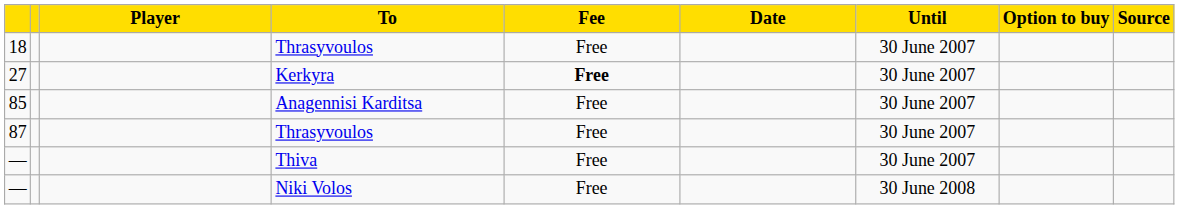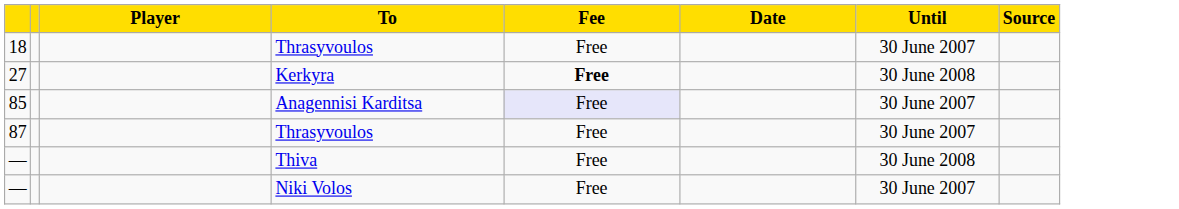 <table class="wikitable sortable">
 <tr>
 <th style="background:#FFDE00"></th>
 <th style="background:#FFDE00"></th>
 <th width=200 style="background:#FFDE00">Player</th>
 <th width=200 style="background:#FFDE00">To</th>
 <th width=150 style="background:#FFDE00">Fee</th>
 <th width=150 style="background:#FFDE00">Date</th>
 <th width=120 style="background:#FFDE00">Until</th>
-<th style="background:#FFDE00">Option to buy</th>
 <th style="background:#FFDE00">Source</th>
 </tr>
 <tr>
 <td align=center>18</td>
 <td align=center></td>
 <td></td>
 <td> <a href='#'>Thrasyvoulos</a></td>
 <td align=center>Free</td>
 <td align=center></td>
 <td align=center>30 June 2007</td>
 <td align=center></td>
-<td align=center></td>
 </tr>
 <tr>
 <td align=center>27</td>
 <td align=center></td>
 <td></td>
 <td> <a href='#'>Kerkyra</a></td>
 <td align=center><strong>Free</strong></td>
 <td align=center></td>
-<td align=center>30 June 2007</td>
-<td align=center></td>
+<td align=center>30 June 2008</td>
 <td align=center></td>
 </tr>
 <tr>
 <td align=center>85</td>
 <td align=center></td>
 <td></td>
 <td> <a href='#'>Anagennisi Karditsa</a></td>
-<td align=center>Free</td>
+<td align=center style="background: lavender;">Free</td>
 <td align=center></td>
 <td align=center>30 June 2007</td>
-<td align=center></td>
 <td align=center></td>
 </tr>
 <tr>
 <td align=center>87</td>
 <td align=center></td>
 <td></td>
 <td> <a href='#'>Thrasyvoulos</a></td>
 <td align=center>Free</td>
 <td align=center></td>
 <td align=center>30 June 2007</td>
 <td align=center></td>
-<td align=center></td>
 </tr>
 <tr>
 <td align=center>—</td>
 <td align=center></td>
 <td></td>
 <td> <a href='#'>Thiva</a></td>
 <td align=center>Free</td>
 <td align=center></td>
-<td align=center>30 June 2007</td>
-<td align=center></td>
+<td align=center>30 June 2008</td>
 <td align=center></td>
 </tr>
 <tr>
 <td align=center>—</td>
 <td align=center></td>
 <td></td>
 <td> <a href='#'>Niki Volos</a></td>
 <td align=center>Free</td>
 <td align=center></td>
-<td align=center>30 June 2008</td>
-<td align=center></td>
+<td align=center>30 June 2007</td>
 <td align=center></td>
 </tr>
 </table>
